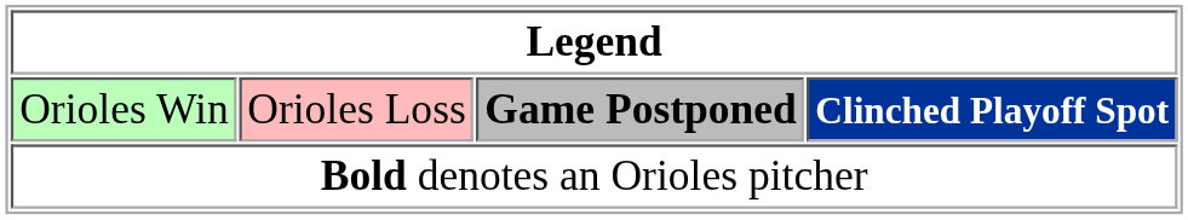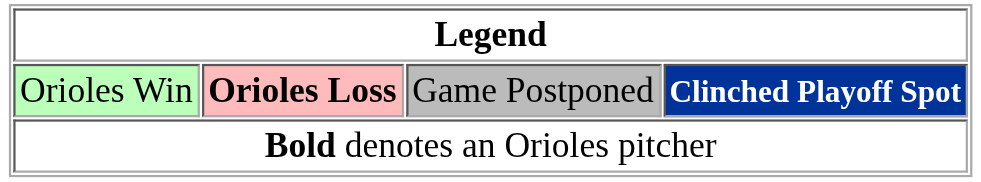 <table border="1" cellpadding="2" cellspacing="1" style="margin:auto; border:1px solid #aaa;">
 <tr>
 <th colspan="4">Legend</th>
 </tr>
 <tr>
 <td style="background:#bfb;">Orioles Win</td>
-<td style="background:#fbb;">Orioles Loss</td>
-<td style="background:#bbb;"><strong>Game Postponed</strong></td>
+<td style="background:#fbb;"><strong>Orioles Loss</strong></td>
+<td style="background:#bbb;">Game Postponed</td>
 <td style="font-size:88%;background:#039;color:white;"><strong>Clinched Playoff Spot</strong></td>
 </tr>
 <tr>
 <td colspan="4" style="text-align:center;"><strong>Bold</strong> denotes an Orioles pitcher</td>
 </tr>
 </table>
